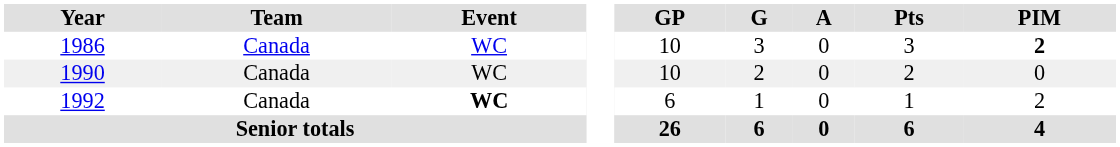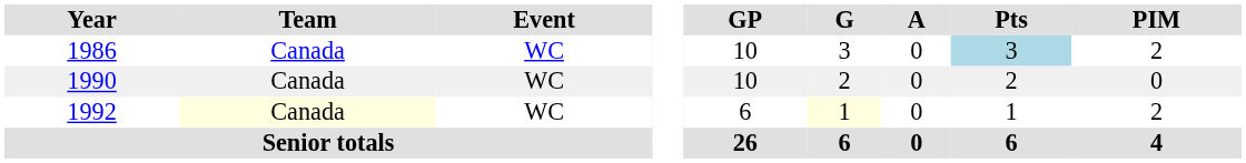 <table border="0" cellpadding="1" cellspacing="0" style="text-align:center; width:50em">
 <tr ALIGN="center" bgcolor="#e0e0e0">
 <th>Year</th>
 <th>Team</th>
 <th>Event</th>
 <th rowspan="99" bgcolor="#ffffff"> </th>
 <th>GP</th>
 <th>G</th>
 <th>A</th>
 <th>Pts</th>
 <th>PIM</th>
 </tr>
 <tr>
 <td><a href='#'>1986</a></td>
 <td><a href='#'>Canada</a></td>
 <td><a href='#'>WC</a></td>
 <td>10</td>
 <td>3</td>
 <td>0</td>
-<td>3</td>
-<td><strong>2</strong></td>
+<td style="background: lightblue;">3</td>
+<td>2</td>
 </tr>
 <tr bgcolor="#f0f0f0">
 <td><a href='#'>1990</a></td>
 <td>Canada</td>
 <td>WC</td>
 <td>10</td>
 <td>2</td>
 <td>0</td>
 <td>2</td>
 <td>0</td>
 </tr>
 <tr>
 <td><a href='#'>1992</a></td>
-<td>Canada</td>
-<td><strong>WC</strong></td>
+<td style="background: lightyellow;">Canada</td>
+<td>WC</td>
 <td>6</td>
-<td>1</td>
+<td style="background: lightyellow;">1</td>
 <td>0</td>
 <td>1</td>
 <td>2</td>
 </tr>
 <tr bgcolor="#e0e0e0">
 <th colspan=3>Senior totals</th>
 <th>26</th>
 <th>6</th>
 <th>0</th>
 <th>6</th>
 <th>4</th>
 </tr>
 </table>
